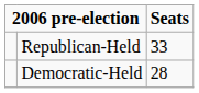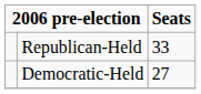 <table class="wikitable">
 <tr>
 <td colspan="2" rowspan="1" align="center" valign="top"><strong>2006 pre-election</strong></td>
 <td style="vertical-align:top;"><strong>Seats</strong><br></td>
 </tr>
 <tr>
 <td style="background-color:"> </td>
 <td>Republican-Held</td>
 <td>33</td>
 </tr>
 <tr>
 <td style="background-color:"> </td>
 <td>Democratic-Held</td>
-<td>28</td>
+<td>27</td>
 </tr>
 <tr>
 </tr>
 </table>
